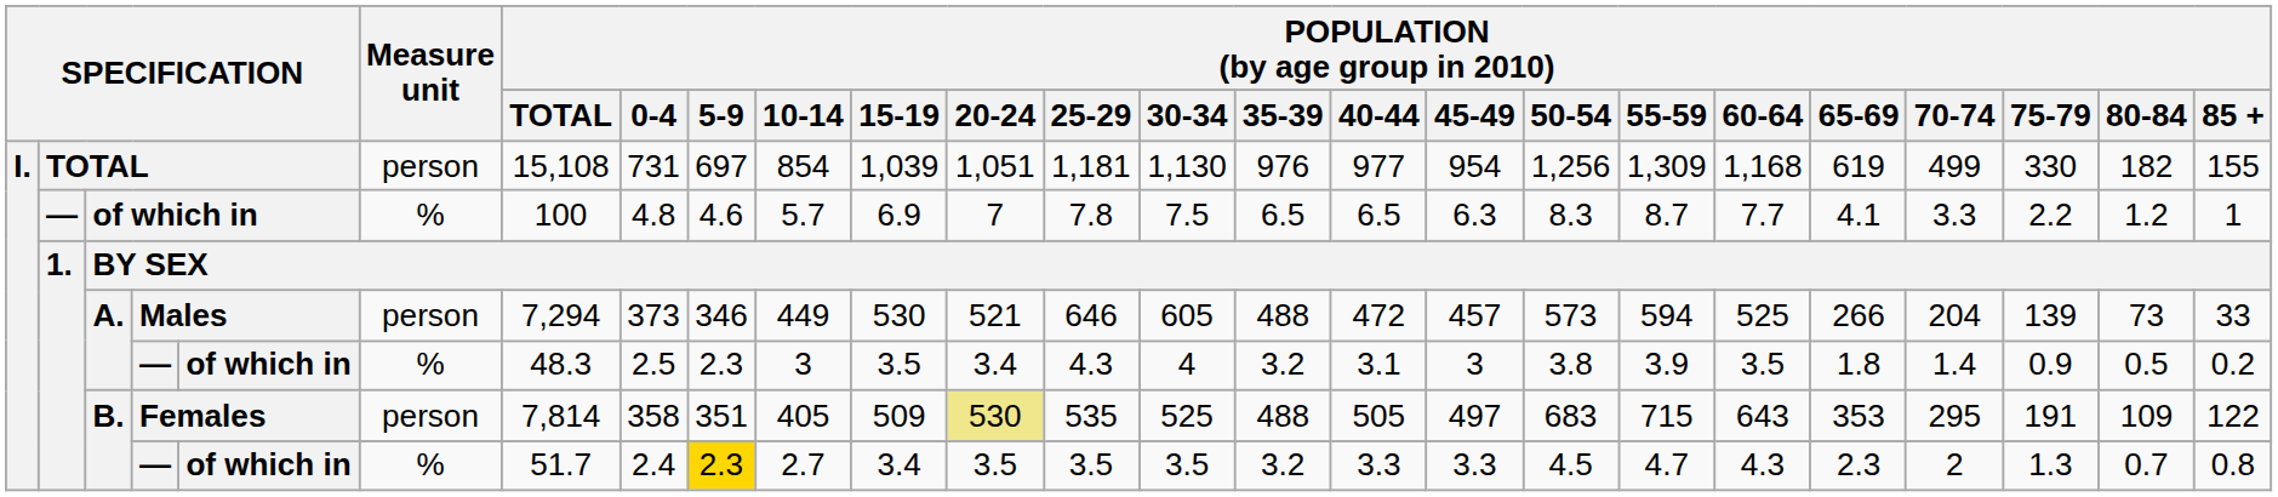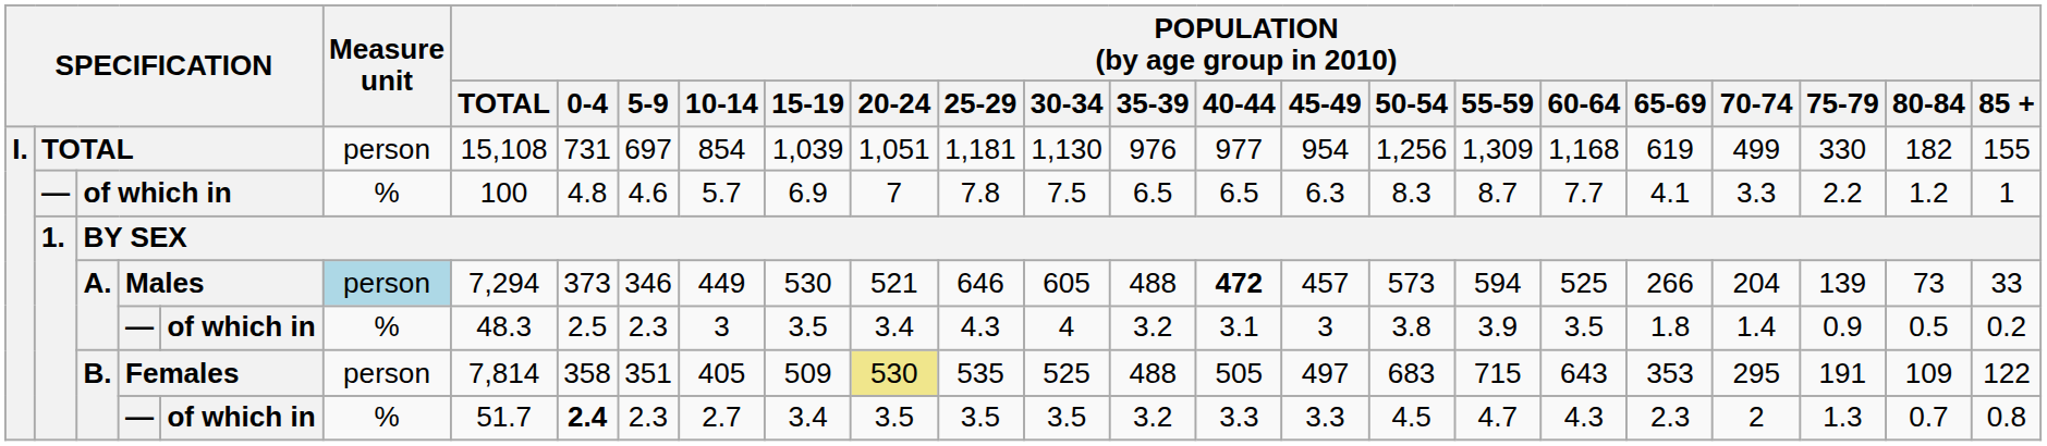 <table class="wikitable" style="font-size:85%; text-align:center">
 <tr>
 <th rowspan="2" colspan="5">SPECIFICATION</th>
 <th rowspan="2">Measure<br> unit</th>
 <th colspan="20" rowspan="1">POPULATION<br> (by age group in 2010)</th>
 </tr>
 <tr>
 <th>TOTAL</th>
 <th>0-4</th>
 <th>5-9</th>
 <th>10-14</th>
 <th>15-19</th>
 <th>20-24</th>
 <th>25-29</th>
 <th>30-34</th>
 <th>35-39</th>
 <th>40-44</th>
 <th>45-49</th>
 <th>50-54</th>
 <th>55-59</th>
 <th>60-64</th>
 <th>65-69</th>
 <th>70-74</th>
 <th>75-79</th>
 <th>80-84</th>
 <th>85 +</th>
 </tr>
 <tr>
 <th style="text-align:left" valign="top" rowspan="7">I.</th>
 <th style="text-align:left" colspan="4">TOTAL</th>
 <td>person</td>
 <td>15,108</td>
 <td>731</td>
 <td>697</td>
 <td>854</td>
 <td>1,039</td>
 <td>1,051</td>
 <td>1,181</td>
 <td>1,130</td>
 <td>976</td>
 <td>977</td>
 <td>954</td>
 <td>1,256</td>
 <td>1,309</td>
 <td>1,168</td>
 <td>619</td>
 <td>499</td>
 <td>330</td>
 <td>182</td>
 <td>155</td>
 </tr>
 <tr>
 <th style="text-align:left" valign="top">—</th>
 <th style="text-align:left" colspan="3">of which in</th>
 <td>%</td>
 <td>100</td>
 <td>4.8</td>
 <td>4.6</td>
 <td>5.7</td>
 <td>6.9</td>
 <td>7</td>
 <td>7.8</td>
 <td>7.5</td>
 <td>6.5</td>
 <td>6.5</td>
 <td>6.3</td>
 <td>8.3</td>
 <td>8.7</td>
 <td>7.7</td>
 <td>4.1</td>
 <td>3.3</td>
 <td>2.2</td>
 <td>1.2</td>
 <td>1</td>
 </tr>
 <tr>
 <th style="text-align:left" valign="top" rowspan="5">1.</th>
 <th style="text-align:left" colspan="23">BY SEX</th>
 </tr>
 <tr>
 <th style="text-align:left" valign="top" rowspan="2">A.</th>
 <th style="text-align:left" colspan="2">Males</th>
-<td>person</td>
+<td style="background: lightblue;">person</td>
 <td>7,294</td>
 <td>373</td>
 <td>346</td>
 <td>449</td>
 <td>530</td>
 <td>521</td>
 <td>646</td>
 <td>605</td>
 <td>488</td>
-<td>472</td>
+<td><strong>472</strong></td>
 <td>457</td>
 <td>573</td>
 <td>594</td>
 <td>525</td>
 <td>266</td>
 <td>204</td>
 <td>139</td>
 <td>73</td>
 <td>33</td>
 </tr>
 <tr>
 <th style="text-align:left" valign="top">—</th>
 <th style="text-align:left" colspan="1">of which in</th>
 <td>%</td>
 <td>48.3</td>
 <td>2.5</td>
 <td>2.3</td>
 <td>3</td>
 <td>3.5</td>
 <td>3.4</td>
 <td>4.3</td>
 <td>4</td>
 <td>3.2</td>
 <td>3.1</td>
 <td>3</td>
 <td>3.8</td>
 <td>3.9</td>
 <td>3.5</td>
 <td>1.8</td>
 <td>1.4</td>
 <td>0.9</td>
 <td>0.5</td>
 <td>0.2</td>
 </tr>
 <tr>
 <th style="text-align:left" valign="top" rowspan="2">B.</th>
 <th style="text-align:left" colspan="2">Females</th>
 <td>person</td>
 <td>7,814</td>
 <td>358</td>
 <td>351</td>
 <td>405</td>
 <td>509</td>
 <td style="background: khaki;">530</td>
 <td>535</td>
 <td>525</td>
 <td>488</td>
 <td>505</td>
 <td>497</td>
 <td>683</td>
 <td>715</td>
 <td>643</td>
 <td>353</td>
 <td>295</td>
 <td>191</td>
 <td>109</td>
 <td>122</td>
 </tr>
 <tr>
 <th style="text-align:left" valign="top">—</th>
 <th style="text-align:left" colspan="1">of which in</th>
 <td>%</td>
 <td>51.7</td>
-<td>2.4</td>
-<td style="background: gold;">2.3</td>
+<td><strong>2.4</strong></td>
+<td>2.3</td>
 <td>2.7</td>
 <td>3.4</td>
 <td>3.5</td>
 <td>3.5</td>
 <td>3.5</td>
 <td>3.2</td>
 <td>3.3</td>
 <td>3.3</td>
 <td>4.5</td>
 <td>4.7</td>
 <td>4.3</td>
 <td>2.3</td>
 <td>2</td>
 <td>1.3</td>
 <td>0.7</td>
 <td>0.8</td>
 </tr>
 </table>
